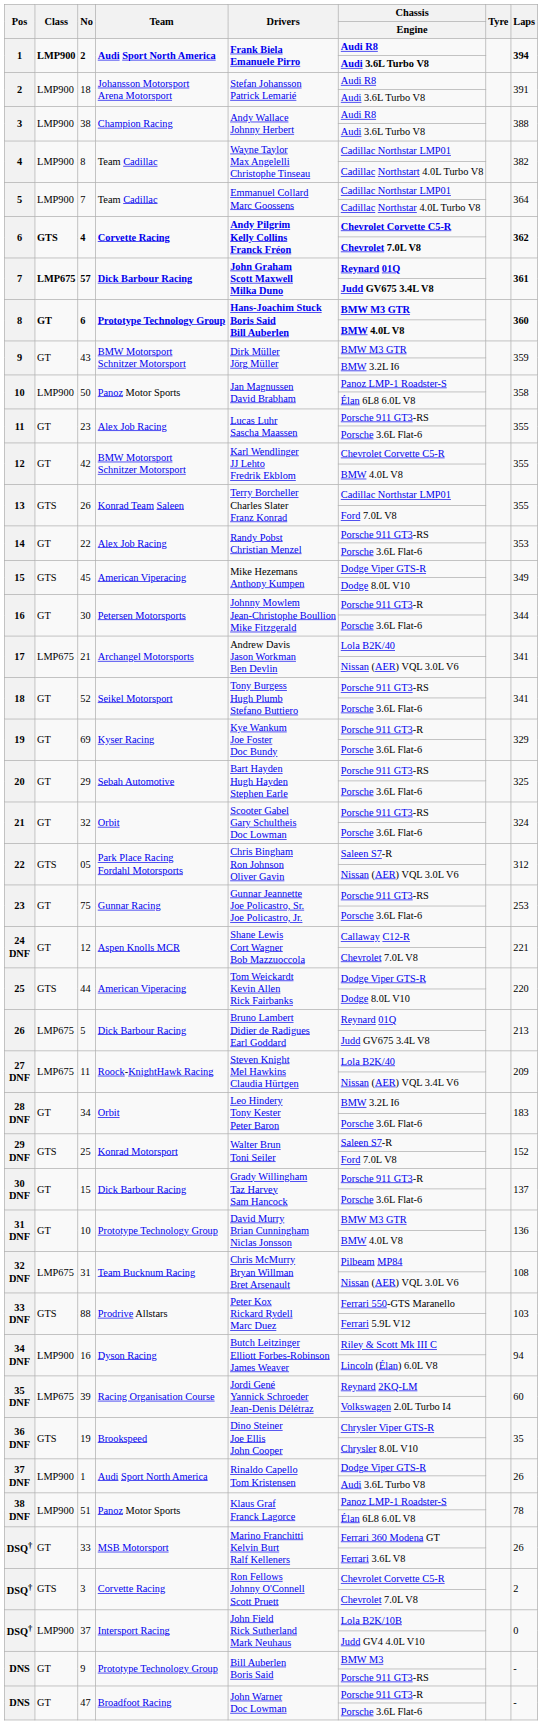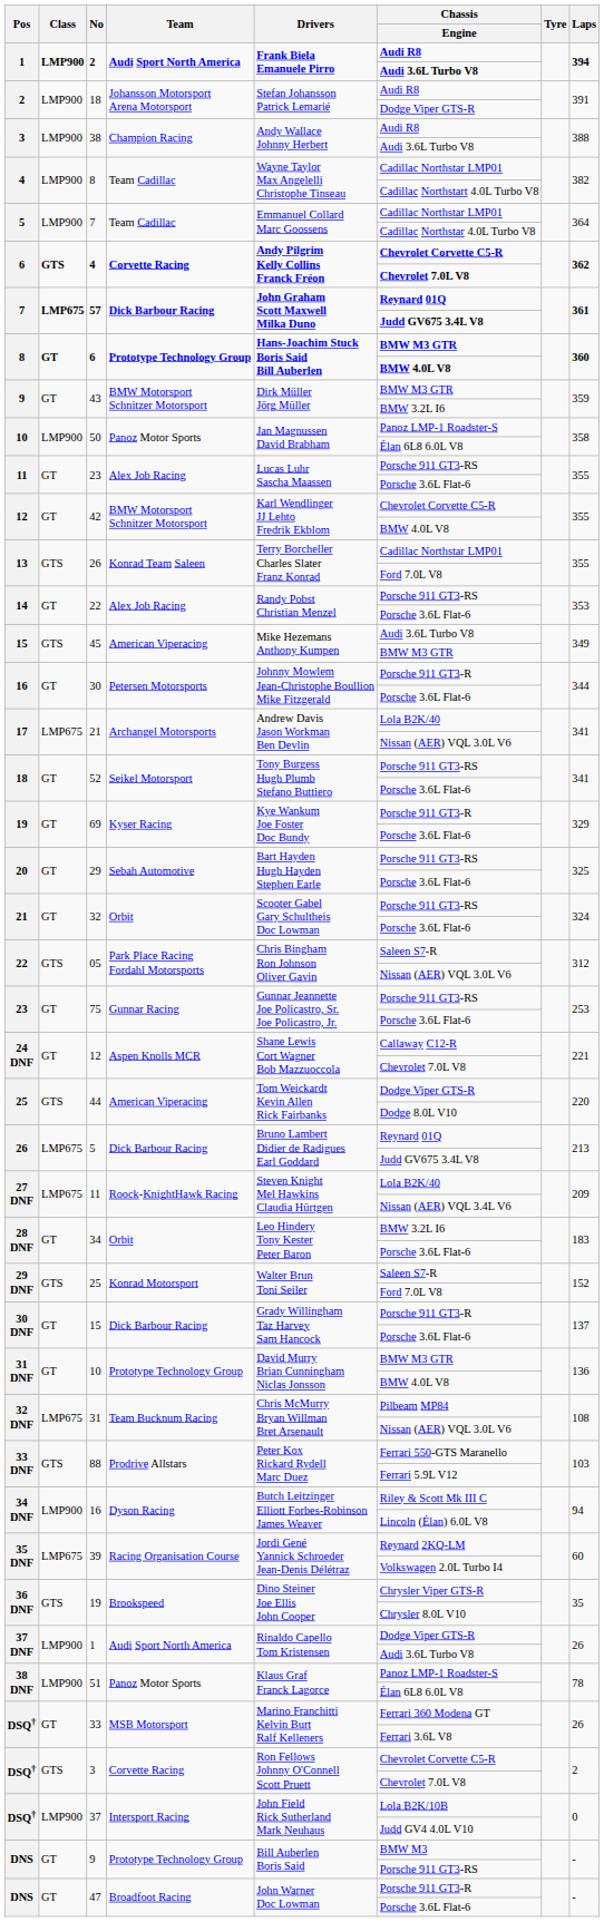 <table class="wikitable" style="font-size: 95%;">
 <tr>
 <th rowspan=2>Pos</th>
 <th rowspan=2>Class</th>
 <th rowspan=2>No</th>
 <th rowspan=2>Team</th>
 <th rowspan=2>Drivers</th>
 <th>Chassis</th>
 <th rowspan=2>Tyre</th>
 <th rowspan=2>Laps</th>
 </tr>
 <tr>
 <th>Engine</th>
 </tr>
 <tr style="font-weight:bold">
 <th rowspan=2>1</th>
 <td rowspan=2>LMP900</td>
 <td rowspan=2>2</td>
 <td rowspan=2> <a href='#'>Audi</a> <a href='#'>Sport North America</a></td>
 <td rowspan=2> <a href='#'>Frank Biela</a><br> <a href='#'>Emanuele Pirro</a></td>
 <td><a href='#'>Audi R8</a></td>
 <td rowspan=2></td>
 <td rowspan=2>394</td>
 </tr>
 <tr style="font-weight:bold">
 <td><a href='#'>Audi</a> 3.6L Turbo V8</td>
 </tr>
 <tr>
 <th rowspan=2>2</th>
 <td rowspan=2>LMP900</td>
 <td rowspan=2>18</td>
 <td rowspan=2> <a href='#'>Johansson Motorsport</a><br> <a href='#'>Arena Motorsport</a></td>
 <td rowspan=2> <a href='#'>Stefan Johansson</a><br> <a href='#'>Patrick Lemarié</a></td>
 <td><a href='#'>Audi R8</a></td>
 <td rowspan=2></td>
 <td rowspan=2>391</td>
 </tr>
 <tr>
-<td><a href='#'>Audi</a> 3.6L Turbo V8</td>
+<td><a href='#'>Dodge Viper GTS-R</a></td>
 </tr>
 <tr>
 <th rowspan=2>3</th>
 <td rowspan=2>LMP900</td>
 <td rowspan=2>38</td>
 <td rowspan=2> <a href='#'>Champion Racing</a></td>
 <td rowspan=2> <a href='#'>Andy Wallace</a><br> <a href='#'>Johnny Herbert</a></td>
 <td><a href='#'>Audi R8</a></td>
 <td rowspan=2></td>
 <td rowspan=2>388</td>
 </tr>
 <tr>
 <td><a href='#'>Audi</a> 3.6L Turbo V8</td>
 </tr>
 <tr>
 <th rowspan=2>4</th>
 <td rowspan=2>LMP900</td>
 <td rowspan=2>8</td>
 <td rowspan=2> Team <a href='#'>Cadillac</a></td>
 <td rowspan=2> <a href='#'>Wayne Taylor</a><br> <a href='#'>Max Angelelli</a><br> <a href='#'>Christophe Tinseau</a></td>
 <td><a href='#'>Cadillac Northstar LMP01</a></td>
 <td rowspan=2></td>
 <td rowspan=2>382</td>
 </tr>
 <tr>
 <td><a href='#'>Cadillac</a> <a href='#'>Northstart</a> 4.0L Turbo V8</td>
 </tr>
 <tr>
 <th rowspan=2>5</th>
 <td rowspan=2>LMP900</td>
 <td rowspan=2>7</td>
 <td rowspan=2> Team <a href='#'>Cadillac</a></td>
 <td rowspan=2> <a href='#'>Emmanuel Collard</a><br> <a href='#'>Marc Goossens</a></td>
 <td><a href='#'>Cadillac Northstar LMP01</a></td>
 <td rowspan=2></td>
 <td rowspan=2>364</td>
 </tr>
 <tr>
 <td><a href='#'>Cadillac</a> <a href='#'>Northstar</a> 4.0L Turbo V8</td>
 </tr>
 <tr style="font-weight:bold">
 <th rowspan=2>6</th>
 <td rowspan=2>GTS</td>
 <td rowspan=2>4</td>
 <td rowspan=2> <a href='#'>Corvette Racing</a></td>
 <td rowspan=2> <a href='#'>Andy Pilgrim</a><br> <a href='#'>Kelly Collins</a><br> <a href='#'>Franck Fréon</a></td>
 <td><a href='#'>Chevrolet Corvette C5-R</a></td>
 <td rowspan=2></td>
 <td rowspan=2>362</td>
 </tr>
 <tr style="font-weight:bold">
 <td><a href='#'>Chevrolet</a> 7.0L V8</td>
 </tr>
 <tr style="font-weight:bold">
 <th rowspan=2>7</th>
 <td rowspan=2>LMP675</td>
 <td rowspan=2>57</td>
 <td rowspan=2> <a href='#'>Dick Barbour Racing</a></td>
 <td rowspan=2> <a href='#'>John Graham</a><br> <a href='#'>Scott Maxwell</a><br> <a href='#'>Milka Duno</a></td>
 <td><a href='#'>Reynard</a> <a href='#'>01Q</a></td>
 <td rowspan=2></td>
 <td rowspan=2>361</td>
 </tr>
 <tr style="font-weight:bold">
 <td><a href='#'>Judd</a> GV675 3.4L V8</td>
 </tr>
 <tr style="font-weight:bold">
 <th rowspan=2>8</th>
 <td rowspan=2>GT</td>
 <td rowspan=2>6</td>
 <td rowspan=2> <a href='#'>Prototype Technology Group</a></td>
 <td rowspan=2> <a href='#'>Hans-Joachim Stuck</a><br> <a href='#'>Boris Said</a><br> <a href='#'>Bill Auberlen</a></td>
 <td><a href='#'>BMW M3 GTR</a></td>
 <td rowspan=2></td>
 <td rowspan=2>360</td>
 </tr>
 <tr style="font-weight:bold">
 <td><a href='#'>BMW</a> 4.0L V8</td>
 </tr>
 <tr>
 <th rowspan=2>9</th>
 <td rowspan=2>GT</td>
 <td rowspan=2>43</td>
 <td rowspan=2> <a href='#'>BMW Motorsport</a><br> <a href='#'>Schnitzer Motorsport</a></td>
 <td rowspan=2> <a href='#'>Dirk Müller</a><br> <a href='#'>Jörg Müller</a></td>
 <td><a href='#'>BMW M3 GTR</a></td>
 <td rowspan=2></td>
 <td rowspan=2>359</td>
 </tr>
 <tr>
 <td><a href='#'>BMW</a> 3.2L I6</td>
 </tr>
 <tr>
 <th rowspan=2>10</th>
 <td rowspan=2>LMP900</td>
 <td rowspan=2>50</td>
 <td rowspan=2> <a href='#'>Panoz</a> Motor Sports</td>
 <td rowspan=2> <a href='#'>Jan Magnussen</a><br> <a href='#'>David Brabham</a></td>
 <td><a href='#'>Panoz LMP-1 Roadster-S</a></td>
 <td rowspan=2></td>
 <td rowspan=2>358</td>
 </tr>
 <tr>
 <td><a href='#'>Élan</a> 6L8 6.0L V8</td>
 </tr>
 <tr>
 <th rowspan=2>11</th>
 <td rowspan=2>GT</td>
 <td rowspan=2>23</td>
 <td rowspan=2> <a href='#'>Alex Job Racing</a></td>
 <td rowspan=2> <a href='#'>Lucas Luhr</a><br> <a href='#'>Sascha Maassen</a></td>
 <td><a href='#'>Porsche 911 GT3</a>-RS</td>
 <td rowspan=2></td>
 <td rowspan=2>355</td>
 </tr>
 <tr>
 <td><a href='#'>Porsche</a> 3.6L Flat-6</td>
 </tr>
 <tr>
 <th rowspan=2>12</th>
 <td rowspan=2>GT</td>
 <td rowspan=2>42</td>
 <td rowspan=2> <a href='#'>BMW Motorsport</a><br> <a href='#'>Schnitzer Motorsport</a></td>
 <td rowspan=2> <a href='#'>Karl Wendlinger</a><br> <a href='#'>JJ Lehto</a><br> <a href='#'>Fredrik Ekblom</a></td>
 <td><a href='#'>Chevrolet Corvette C5-R</a></td>
 <td rowspan=2></td>
 <td rowspan=2>355</td>
 </tr>
 <tr>
 <td><a href='#'>BMW</a> 4.0L V8</td>
 </tr>
 <tr>
 <th rowspan=2>13</th>
 <td rowspan=2>GTS</td>
 <td rowspan=2>26</td>
 <td rowspan=2> <a href='#'>Konrad Team</a> <a href='#'>Saleen</a></td>
 <td rowspan=2> <a href='#'>Terry Borcheller</a><br> Charles Slater<br> <a href='#'>Franz Konrad</a></td>
 <td><a href='#'>Cadillac Northstar LMP01</a></td>
 <td rowspan=2></td>
 <td rowspan=2>355</td>
 </tr>
 <tr>
 <td><a href='#'>Ford</a> 7.0L V8</td>
 </tr>
 <tr>
 <th rowspan=2>14</th>
 <td rowspan=2>GT</td>
 <td rowspan=2>22</td>
 <td rowspan=2> <a href='#'>Alex Job Racing</a></td>
 <td rowspan=2> <a href='#'>Randy Pobst</a><br> <a href='#'>Christian Menzel</a></td>
 <td><a href='#'>Porsche 911 GT3</a>-RS</td>
 <td rowspan=2></td>
 <td rowspan=2>353</td>
 </tr>
 <tr>
 <td><a href='#'>Porsche</a> 3.6L Flat-6</td>
 </tr>
 <tr>
 <th rowspan=2>15</th>
 <td rowspan=2>GTS</td>
 <td rowspan=2>45</td>
 <td rowspan=2> <a href='#'>American Viperacing</a></td>
 <td rowspan=2> Mike Hezemans<br> <a href='#'>Anthony Kumpen</a></td>
-<td><a href='#'>Dodge Viper GTS-R</a></td>
+<td><a href='#'>Audi</a> 3.6L Turbo V8</td>
 <td rowspan=2></td>
 <td rowspan=2>349</td>
 </tr>
 <tr>
-<td><a href='#'>Dodge</a> 8.0L V10</td>
+<td><a href='#'>BMW M3 GTR</a></td>
 </tr>
 <tr>
 <th rowspan=2>16</th>
 <td rowspan=2>GT</td>
 <td rowspan=2>30</td>
 <td rowspan=2> <a href='#'>Petersen Motorsports</a></td>
 <td rowspan=2> <a href='#'>Johnny Mowlem</a><br> <a href='#'>Jean-Christophe Boullion</a><br> <a href='#'>Mike Fitzgerald</a></td>
 <td><a href='#'>Porsche 911 GT3</a>-R</td>
 <td rowspan=2></td>
 <td rowspan=2>344</td>
 </tr>
 <tr>
 <td><a href='#'>Porsche</a> 3.6L Flat-6</td>
 </tr>
 <tr>
 <th rowspan=2>17</th>
 <td rowspan=2>LMP675</td>
 <td rowspan=2>21</td>
 <td rowspan=2> <a href='#'>Archangel Motorsports</a></td>
 <td rowspan=2> Andrew Davis<br> <a href='#'>Jason Workman</a><br> <a href='#'>Ben Devlin</a></td>
 <td><a href='#'>Lola B2K/40</a></td>
 <td rowspan=2></td>
 <td rowspan=2>341</td>
 </tr>
 <tr>
 <td><a href='#'>Nissan</a> (<a href='#'>AER</a>) VQL 3.0L V6</td>
 </tr>
 <tr>
 <th rowspan=2>18</th>
 <td rowspan=2>GT</td>
 <td rowspan=2>52</td>
 <td rowspan=2> <a href='#'>Seikel Motorsport</a></td>
 <td rowspan=2> <a href='#'>Tony Burgess</a><br> <a href='#'>Hugh Plumb</a><br> <a href='#'>Stefano Buttiero</a></td>
 <td><a href='#'>Porsche 911 GT3</a>-RS</td>
 <td rowspan=2></td>
 <td rowspan=2>341</td>
 </tr>
 <tr>
 <td><a href='#'>Porsche</a> 3.6L Flat-6</td>
 </tr>
 <tr>
 <th rowspan=2>19</th>
 <td rowspan=2>GT</td>
 <td rowspan=2>69</td>
 <td rowspan=2> <a href='#'>Kyser Racing</a></td>
 <td rowspan=2> <a href='#'>Kye Wankum</a><br> <a href='#'>Joe Foster</a><br> <a href='#'>Doc Bundy</a></td>
 <td><a href='#'>Porsche 911 GT3</a>-R</td>
 <td rowspan=2></td>
 <td rowspan=2>329</td>
 </tr>
 <tr>
 <td><a href='#'>Porsche</a> 3.6L Flat-6</td>
 </tr>
 <tr>
 <th rowspan=2>20</th>
 <td rowspan=2>GT</td>
 <td rowspan=2>29</td>
 <td rowspan=2> <a href='#'>Sebah Automotive</a></td>
 <td rowspan=2> <a href='#'>Bart Hayden</a><br> <a href='#'>Hugh Hayden</a><br> <a href='#'>Stephen Earle</a></td>
 <td><a href='#'>Porsche 911 GT3</a>-RS</td>
 <td rowspan=2></td>
 <td rowspan=2>325</td>
 </tr>
 <tr>
 <td><a href='#'>Porsche</a> 3.6L Flat-6</td>
 </tr>
 <tr>
 <th rowspan=2>21</th>
 <td rowspan=2>GT</td>
 <td rowspan=2>32</td>
 <td rowspan=2> <a href='#'>Orbit</a></td>
 <td rowspan=2> <a href='#'>Scooter Gabel</a><br> <a href='#'>Gary Schultheis</a><br> <a href='#'>Doc Lowman</a></td>
 <td><a href='#'>Porsche 911 GT3</a>-RS</td>
 <td rowspan=2></td>
 <td rowspan=2>324</td>
 </tr>
 <tr>
 <td><a href='#'>Porsche</a> 3.6L Flat-6</td>
 </tr>
 <tr>
 <th rowspan=2>22</th>
 <td rowspan=2>GTS</td>
 <td rowspan=2>05</td>
 <td rowspan=2> <a href='#'>Park Place Racing</a><br> <a href='#'>Fordahl Motorsports</a></td>
 <td rowspan=2> <a href='#'>Chris Bingham</a><br> <a href='#'>Ron Johnson</a><br> <a href='#'>Oliver Gavin</a></td>
 <td><a href='#'>Saleen S7</a>-R</td>
 <td rowspan=2></td>
 <td rowspan=2>312</td>
 </tr>
 <tr>
 <td><a href='#'>Nissan</a> (<a href='#'>AER</a>) VQL 3.0L V6</td>
 </tr>
 <tr>
 <th rowspan=2>23</th>
 <td rowspan=2>GT</td>
 <td rowspan=2>75</td>
 <td rowspan=2> <a href='#'>Gunnar Racing</a></td>
 <td rowspan=2> <a href='#'>Gunnar Jeannette</a><br> <a href='#'>Joe Policastro, Sr.</a><br> <a href='#'>Joe Policastro, Jr.</a></td>
 <td><a href='#'>Porsche 911 GT3</a>-RS</td>
 <td rowspan=2></td>
 <td rowspan=2>253</td>
 </tr>
 <tr>
 <td><a href='#'>Porsche</a> 3.6L Flat-6</td>
 </tr>
 <tr>
 <th rowspan=2>24<br>DNF</th>
 <td rowspan=2>GT</td>
 <td rowspan=2>12</td>
 <td rowspan=2> <a href='#'>Aspen Knolls MCR</a></td>
 <td rowspan=2> <a href='#'>Shane Lewis</a><br> <a href='#'>Cort Wagner</a><br> <a href='#'>Bob Mazzuoccola</a></td>
 <td><a href='#'>Callaway</a> <a href='#'>C12-R</a></td>
 <td rowspan=2></td>
 <td rowspan=2>221</td>
 </tr>
 <tr>
 <td><a href='#'>Chevrolet</a> 7.0L V8</td>
 </tr>
 <tr>
 <th rowspan=2>25</th>
 <td rowspan=2>GTS</td>
 <td rowspan=2>44</td>
 <td rowspan=2> <a href='#'>American Viperacing</a></td>
 <td rowspan=2> <a href='#'>Tom Weickardt</a><br> <a href='#'>Kevin Allen</a><br> <a href='#'>Rick Fairbanks</a></td>
 <td><a href='#'>Dodge Viper GTS-R</a></td>
 <td rowspan=2></td>
 <td rowspan=2>220</td>
 </tr>
 <tr>
 <td><a href='#'>Dodge</a> 8.0L V10</td>
 </tr>
 <tr>
 <th rowspan=2>26</th>
 <td rowspan=2>LMP675</td>
 <td rowspan=2>5</td>
 <td rowspan=2> <a href='#'>Dick Barbour Racing</a></td>
 <td rowspan=2> <a href='#'>Bruno Lambert</a><br> <a href='#'>Didier de Radigues</a><br> <a href='#'>Earl Goddard</a></td>
 <td><a href='#'>Reynard</a> <a href='#'>01Q</a></td>
 <td rowspan=2></td>
 <td rowspan=2>213</td>
 </tr>
 <tr>
 <td><a href='#'>Judd</a> GV675 3.4L V8</td>
 </tr>
 <tr>
 <th rowspan=2>27<br>DNF</th>
 <td rowspan=2>LMP675</td>
 <td rowspan=2>11</td>
 <td rowspan=2> <a href='#'>Roock</a>-<a href='#'>KnightHawk Racing</a></td>
 <td rowspan=2> <a href='#'>Steven Knight</a><br> <a href='#'>Mel Hawkins</a><br> <a href='#'>Claudia Hürtgen</a></td>
 <td><a href='#'>Lola B2K/40</a></td>
 <td rowspan=2></td>
 <td rowspan=2>209</td>
 </tr>
 <tr>
 <td><a href='#'>Nissan</a> (<a href='#'>AER</a>) VQL 3.4L V6</td>
 </tr>
 <tr>
 <th rowspan=2>28<br>DNF</th>
 <td rowspan=2>GT</td>
 <td rowspan=2>34</td>
 <td rowspan=2> <a href='#'>Orbit</a></td>
 <td rowspan=2> <a href='#'>Leo Hindery</a><br> <a href='#'>Tony Kester</a><br> <a href='#'>Peter Baron</a></td>
 <td><a href='#'>BMW</a> 3.2L I6</td>
 <td rowspan=2></td>
 <td rowspan=2>183</td>
 </tr>
 <tr>
 <td><a href='#'>Porsche</a> 3.6L Flat-6</td>
 </tr>
 <tr>
 <th rowspan=2>29<br>DNF</th>
 <td rowspan=2>GTS</td>
 <td rowspan=2>25</td>
 <td rowspan=2> <a href='#'>Konrad Motorsport</a></td>
 <td rowspan=2> <a href='#'>Walter Brun</a><br> <a href='#'>Toni Seiler</a></td>
 <td><a href='#'>Saleen S7</a>-R</td>
 <td rowspan=2></td>
 <td rowspan=2>152</td>
 </tr>
 <tr>
 <td><a href='#'>Ford</a> 7.0L V8</td>
 </tr>
 <tr>
 <th rowspan=2>30<br>DNF</th>
 <td rowspan=2>GT</td>
 <td rowspan=2>15</td>
 <td rowspan=2> <a href='#'>Dick Barbour Racing</a></td>
 <td rowspan=2> <a href='#'>Grady Willingham</a><br> <a href='#'>Taz Harvey</a><br> <a href='#'>Sam Hancock</a></td>
 <td><a href='#'>Porsche 911 GT3</a>-R</td>
 <td rowspan=2></td>
 <td rowspan=2>137</td>
 </tr>
 <tr>
 <td><a href='#'>Porsche</a> 3.6L Flat-6</td>
 </tr>
 <tr>
 <th rowspan=2>31<br>DNF</th>
 <td rowspan=2>GT</td>
 <td rowspan=2>10</td>
 <td rowspan=2> <a href='#'>Prototype Technology Group</a></td>
 <td rowspan=2> <a href='#'>David Murry</a><br> <a href='#'>Brian Cunningham</a><br> <a href='#'>Niclas Jonsson</a></td>
 <td><a href='#'>BMW M3 GTR</a></td>
 <td rowspan=2></td>
 <td rowspan=2>136</td>
 </tr>
 <tr>
 <td><a href='#'>BMW</a> 4.0L V8</td>
 </tr>
 <tr>
 <th rowspan=2>32<br>DNF</th>
 <td rowspan=2>LMP675</td>
 <td rowspan=2>31</td>
 <td rowspan=2> <a href='#'>Team Bucknum Racing</a></td>
 <td rowspan=2> <a href='#'>Chris McMurry</a><br> <a href='#'>Bryan Willman</a><br> <a href='#'>Bret Arsenault</a></td>
 <td><a href='#'>Pilbeam</a> <a href='#'>MP84</a></td>
 <td rowspan=2></td>
 <td rowspan=2>108</td>
 </tr>
 <tr>
 <td><a href='#'>Nissan</a> (<a href='#'>AER</a>) VQL 3.0L V6</td>
 </tr>
 <tr>
 <th rowspan=2>33<br>DNF</th>
 <td rowspan=2>GTS</td>
 <td rowspan=2>88</td>
 <td rowspan=2> <a href='#'>Prodrive</a> Allstars</td>
 <td rowspan=2> <a href='#'>Peter Kox</a><br> <a href='#'>Rickard Rydell</a><br> <a href='#'>Marc Duez</a></td>
 <td><a href='#'>Ferrari 550</a>-GTS Maranello</td>
 <td rowspan=2></td>
 <td rowspan=2>103</td>
 </tr>
 <tr>
 <td><a href='#'>Ferrari</a> 5.9L V12</td>
 </tr>
 <tr>
 <th rowspan=2>34<br>DNF</th>
 <td rowspan=2>LMP900</td>
 <td rowspan=2>16</td>
 <td rowspan=2> <a href='#'>Dyson Racing</a></td>
 <td rowspan=2> <a href='#'>Butch Leitzinger</a><br> <a href='#'>Elliott Forbes-Robinson</a><br> <a href='#'>James Weaver</a></td>
 <td><a href='#'>Riley & Scott Mk III C</a></td>
 <td rowspan=2></td>
 <td rowspan=2>94</td>
 </tr>
 <tr>
 <td><a href='#'>Lincoln</a> (<a href='#'>Élan</a>) 6.0L V8</td>
 </tr>
 <tr>
 <th rowspan=2>35<br>DNF</th>
 <td rowspan=2>LMP675</td>
 <td rowspan=2>39</td>
 <td rowspan=2> <a href='#'>Racing Organisation Course</a></td>
 <td rowspan=2> <a href='#'>Jordi Gené</a><br> <a href='#'>Yannick Schroeder</a><br> <a href='#'>Jean-Denis Délétraz</a></td>
 <td><a href='#'>Reynard</a> <a href='#'>2KQ-LM</a></td>
 <td rowspan=2></td>
 <td rowspan=2>60</td>
 </tr>
 <tr>
 <td><a href='#'>Volkswagen</a> 2.0L Turbo I4</td>
 </tr>
 <tr>
 <th rowspan=2>36<br>DNF</th>
 <td rowspan=2>GTS</td>
 <td rowspan=2>19</td>
 <td rowspan=2> <a href='#'>Brookspeed</a></td>
 <td rowspan=2> <a href='#'>Dino Steiner</a><br> <a href='#'>Joe Ellis</a><br> <a href='#'>John Cooper</a></td>
 <td><a href='#'>Chrysler Viper GTS-R</a></td>
 <td rowspan=2></td>
 <td rowspan=2>35</td>
 </tr>
 <tr>
 <td><a href='#'>Chrysler</a> 8.0L V10</td>
 </tr>
 <tr>
 <th rowspan=2>37<br>DNF</th>
 <td rowspan=2>LMP900</td>
 <td rowspan=2>1</td>
 <td rowspan=2> <a href='#'>Audi</a> <a href='#'>Sport North America</a></td>
 <td rowspan=2> <a href='#'>Rinaldo Capello</a><br> <a href='#'>Tom Kristensen</a></td>
 <td><a href='#'>Dodge Viper GTS-R</a></td>
 <td rowspan=2></td>
 <td rowspan=2>26</td>
 </tr>
 <tr>
 <td><a href='#'>Audi</a> 3.6L Turbo V8</td>
 </tr>
 <tr>
 <th rowspan=2>38<br>DNF</th>
 <td rowspan=2>LMP900</td>
 <td rowspan=2>51</td>
 <td rowspan=2> <a href='#'>Panoz</a> Motor Sports</td>
 <td rowspan=2> <a href='#'>Klaus Graf</a><br> <a href='#'>Franck Lagorce</a></td>
 <td><a href='#'>Panoz LMP-1 Roadster-S</a></td>
 <td rowspan=2></td>
 <td rowspan=2>78</td>
 </tr>
 <tr>
 <td><a href='#'>Élan</a> 6L8 6.0L V8</td>
 </tr>
 <tr>
 <th rowspan=2>DSQ<sup>†</sup></th>
 <td rowspan=2>GT</td>
 <td rowspan=2>33</td>
 <td rowspan=2> <a href='#'>MSB Motorsport</a></td>
 <td rowspan=2> <a href='#'>Marino Franchitti</a><br> <a href='#'>Kelvin Burt</a><br> <a href='#'>Ralf Kelleners</a></td>
 <td><a href='#'>Ferrari 360 Modena</a> GT</td>
 <td rowspan=2></td>
 <td rowspan=2>26</td>
 </tr>
 <tr>
 <td><a href='#'>Ferrari</a> 3.6L V8</td>
 </tr>
 <tr>
 <th rowspan=2>DSQ<sup>†</sup></th>
 <td rowspan=2>GTS</td>
 <td rowspan=2>3</td>
 <td rowspan=2> <a href='#'>Corvette Racing</a></td>
 <td rowspan=2> <a href='#'>Ron Fellows</a><br> <a href='#'>Johnny O'Connell</a><br> <a href='#'>Scott Pruett</a></td>
 <td><a href='#'>Chevrolet Corvette C5-R</a></td>
 <td rowspan=2></td>
 <td rowspan=2>2</td>
 </tr>
 <tr>
 <td><a href='#'>Chevrolet</a> 7.0L V8</td>
 </tr>
 <tr>
 <th rowspan=2>DSQ<sup>†</sup></th>
 <td rowspan=2>LMP900</td>
 <td rowspan=2>37</td>
 <td rowspan=2> <a href='#'>Intersport Racing</a></td>
 <td rowspan=2> <a href='#'>John Field</a><br> <a href='#'>Rick Sutherland</a><br> <a href='#'>Mark Neuhaus</a></td>
 <td><a href='#'>Lola B2K/10B</a></td>
 <td rowspan=2></td>
 <td rowspan=2>0</td>
 </tr>
 <tr>
 <td><a href='#'>Judd</a> GV4 4.0L V10</td>
 </tr>
 <tr>
 <th rowspan=2>DNS</th>
 <td rowspan=2>GT</td>
 <td rowspan=2>9</td>
 <td rowspan=2> <a href='#'>Prototype Technology Group</a></td>
 <td rowspan=2> <a href='#'>Bill Auberlen</a><br> <a href='#'>Boris Said</a></td>
 <td><a href='#'>BMW M3</a></td>
 <td rowspan=2></td>
 <td rowspan=2>-</td>
 </tr>
 <tr>
 <td><a href='#'>Porsche 911 GT3</a>-RS</td>
 </tr>
 <tr>
 <th rowspan=2>DNS</th>
 <td rowspan=2>GT</td>
 <td rowspan=2>47</td>
 <td rowspan=2> <a href='#'>Broadfoot Racing</a></td>
 <td rowspan=2> <a href='#'>John Warner</a><br> <a href='#'>Doc Lowman</a></td>
 <td><a href='#'>Porsche 911 GT3</a>-R</td>
 <td rowspan=2></td>
 <td rowspan=2>-</td>
 </tr>
 <tr>
 <td><a href='#'>Porsche</a> 3.6L Flat-6</td>
 </tr>
 </table>
